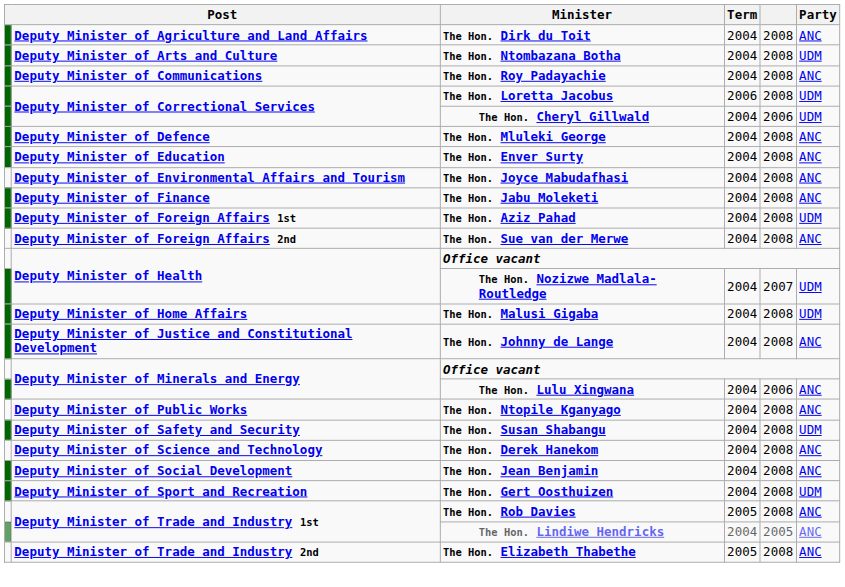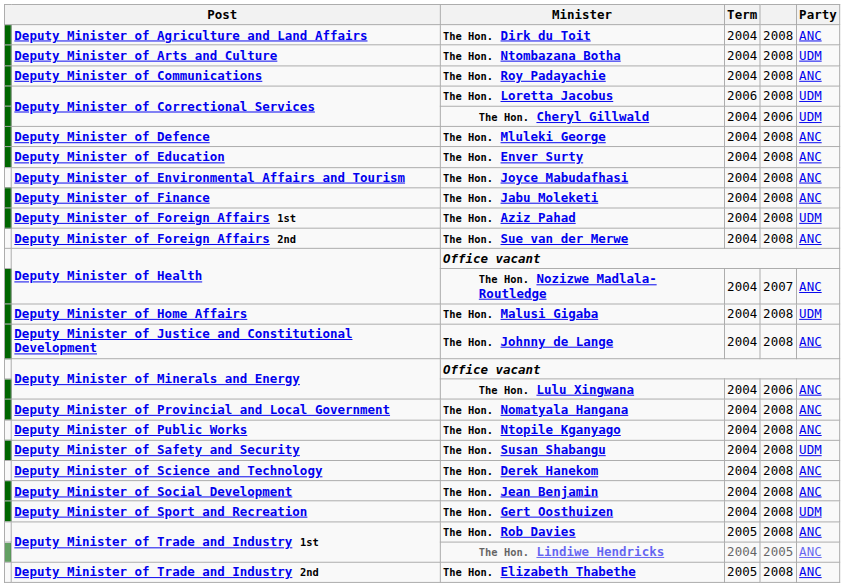 <table class="wikitable">
 <tr>
 <th colspan="2">Post</th>
 <th>Minister</th>
 <th>Term</th>
 <th></th>
 <th>Party</th>
 </tr>
 <tr>
 <td style="width:1px;; background:#006600;"></td>
 <td><a href='#'><strong>Deputy Minister of Agriculture and Land Affairs</strong></a></td>
 <td><strong><small>The Hon.</small> <a href='#'>Dirk du Toit</a></strong></td>
 <td>2004</td>
 <td>2008</td>
 <td><a href='#'>ANC</a></td>
 </tr>
 <tr>
 <td style="width:1px;; background:#006600;"></td>
 <td><strong><a href='#'>Deputy Minister of Arts and Culture</a></strong></td>
 <td><strong><small>The Hon.</small></strong> <strong><a href='#'>Ntombazana Botha</a></strong></td>
 <td>2004</td>
 <td>2008</td>
 <td><a href='#'>UDM</a></td>
 </tr>
 <tr>
 <td style="width:1px;; background:#006600;"></td>
 <td><strong><a href='#'>Deputy Minister of Communications</a></strong></td>
 <td><strong><small>The Hon.</small></strong> <strong><a href='#'>Roy Padayachie</a></strong></td>
 <td>2004</td>
 <td>2008</td>
 <td><a href='#'>ANC</a></td>
 </tr>
 <tr>
 <td style="width:1px;; background:#006600;"></td>
 <td rowspan="2"><a href='#'><strong>Deputy Minister of Correctional Services</strong></a></td>
 <td><strong><small>The Hon.</small></strong> <strong><a href='#'>Loretta Jacobus</a></strong></td>
 <td>2006</td>
 <td>2008</td>
 <td><a href='#'>UDM</a></td>
 </tr>
 <tr -style="opacity:.6;">
 <td style="width:1px;; background:#006600;"></td>
 <td style="padding-left:40px"><strong><small>The Hon.</small></strong> <strong><a href='#'>Cheryl Gillwald</a></strong></td>
 <td>2004</td>
 <td>2006</td>
 <td><a href='#'>UDM</a></td>
 </tr>
 <tr>
 <td style="width:1px;; background:#006600;"></td>
 <td><a href='#'><strong>Deputy Minister of Defence</strong></a></td>
 <td><strong><small>The Hon.</small></strong> <strong><a href='#'>Mluleki George</a></strong></td>
 <td>2004</td>
 <td>2008</td>
 <td><a href='#'>ANC</a></td>
 </tr>
 <tr>
 <td style="width:1px;; background:#006600;"></td>
 <td><a href='#'><strong>Deputy Minister of Education</strong></a></td>
 <td><strong><small>The Hon.</small></strong> <strong><a href='#'>Enver Surty</a></strong></td>
 <td>2004</td>
 <td>2008</td>
 <td><a href='#'>ANC</a></td>
 </tr>
 <tr>
 <td style="background-color: "></td>
 <td><a href='#'><strong>Deputy Minister of Environmental Affairs and Tourism</strong></a></td>
 <td><strong><small>The Hon.</small></strong> <strong><a href='#'>Joyce Mabudafhasi</a></strong></td>
 <td>2004</td>
 <td>2008</td>
 <td><a href='#'>ANC</a></td>
 </tr>
 <tr>
 <td style="width:1px;; background:#006600;"></td>
 <td><a href='#'><strong>Deputy Minister of Finance</strong></a></td>
 <td><strong><small>The Hon.</small></strong> <strong><a href='#'>Jabu Moleketi</a></strong></td>
 <td>2004</td>
 <td>2008</td>
 <td><a href='#'>ANC</a></td>
 </tr>
 <tr>
 <td style="width:1px;; background:#006600;"></td>
 <td><a href='#'><strong>Deputy Minister of Foreign Affairs</strong></a> <strong><small>1st</small></strong></td>
 <td><strong><small>The Hon.</small></strong> <strong><a href='#'>Aziz Pahad</a></strong></td>
 <td>2004</td>
 <td>2008</td>
 <td><a href='#'>UDM</a></td>
 </tr>
 <tr>
 <td style="background-color: "></td>
 <td><a href='#'><strong>Deputy Minister of Foreign Affairs</strong></a> <strong><small>2nd</small></strong></td>
 <td><strong><small>The Hon.</small></strong> <strong><a href='#'>Sue van der Merwe</a></strong></td>
 <td>2004</td>
 <td>2008</td>
 <td><a href='#'>ANC</a></td>
 </tr>
 <tr>
 <td></td>
 <td rowspan="2"><a href='#'><strong>Deputy Minister of Health</strong></a></td>
 <td colspan="4"><strong><em>Office vacant</em></strong></td>
 </tr>
 <tr -style="opacity:.6;">
 <td style="width:1px;; background:#006600;"></td>
 <td style="padding-left:40px"><strong><small>The Hon.</small></strong> <strong><a href='#'>Nozizwe Madlala-Routledge</a></strong></td>
 <td>2004</td>
 <td>2007</td>
-<td><a href='#'>UDM</a></td>
+<td><a href='#'>ANC</a></td>
 </tr>
 <tr>
 <td style="width:1px;; background:#006600;"></td>
 <td><a href='#'><strong>Deputy Minister of Home Affairs</strong></a></td>
 <td><strong><small>The Hon.</small></strong> <strong><a href='#'>Malusi Gigaba</a></strong></td>
 <td>2004</td>
 <td>2008</td>
 <td><a href='#'>UDM</a></td>
 </tr>
 <tr>
 <td style="width:1px;; background:#006600;"></td>
 <td><a href='#'><strong>Deputy Minister of Justice and Constitutional Development</strong></a></td>
 <td><strong><small>The Hon.</small></strong> <strong><a href='#'>Johnny de Lange</a></strong></td>
 <td>2004</td>
 <td>2008</td>
 <td><a href='#'>ANC</a></td>
 </tr>
 <tr>
 <td></td>
 <td rowspan="2"><a href='#'><strong>Deputy Minister of Minerals and Energy</strong></a></td>
 <td colspan="4"><strong><em>Office vacant</em></strong></td>
 </tr>
 <tr -style="opacity:.6;">
 <td style="width:1px;; background:#006600;"></td>
 <td style="padding-left:40px"><strong><small>The Hon.</small></strong> <strong><a href='#'>Lulu Xingwana</a></strong></td>
 <td>2004</td>
 <td>2006</td>
+<td><a href='#'>ANC</a></td>
+</tr>
+<tr>
+<td style="width:1px;; background:#006600;"></td>
+<td><a href='#'><strong>Deputy Minister of Provincial and Local Government</strong></a></td>
+<td><strong><small>The Hon.</small></strong> <strong><a href='#'>Nomatyala Hangana</a></strong></td>
+<td>2004</td>
+<td>2008</td>
 <td><a href='#'>ANC</a></td>
 </tr>
 <tr>
 <td style="background-color: "></td>
 <td><a href='#'><strong>Deputy Minister of Public Works</strong></a></td>
 <td><strong><small>The Hon.</small></strong> <strong><a href='#'>Ntopile Kganyago</a></strong></td>
 <td>2004</td>
 <td>2008</td>
 <td><a href='#'>ANC</a></td>
 </tr>
 <tr>
 <td style="width:1px;; background:#006600;"></td>
 <td><a href='#'><strong>Deputy Minister of Safety and Security</strong></a></td>
 <td><strong><small>The Hon.</small></strong> <strong><a href='#'>Susan Shabangu</a></strong></td>
 <td>2004</td>
 <td>2008</td>
 <td><a href='#'>UDM</a></td>
 </tr>
 <tr>
 <td style="background-color: "></td>
 <td><a href='#'><strong>Deputy Minister of Science and Technology</strong></a></td>
 <td><strong><small>The Hon.</small></strong> <strong><a href='#'>Derek Hanekom</a></strong></td>
 <td>2004</td>
 <td>2008</td>
 <td><a href='#'>ANC</a></td>
 </tr>
 <tr>
 <td style="width:1px;; background:#006600;"></td>
 <td><a href='#'><strong>Deputy Minister of Social Development</strong></a></td>
 <td><strong><small>The Hon.</small></strong> <strong><a href='#'>Jean Benjamin</a></strong></td>
 <td>2004</td>
 <td>2008</td>
 <td><a href='#'>ANC</a></td>
 </tr>
 <tr>
 <td style="width:1px;; background:#006600;"></td>
 <td><a href='#'><strong>Deputy Minister of Sport and Recreation</strong></a></td>
 <td><strong><small>The Hon.</small></strong> <strong><a href='#'>Gert Oosthuizen</a></strong></td>
 <td>2004</td>
 <td>2008</td>
 <td><a href='#'>UDM</a></td>
 </tr>
 <tr>
 <td style="background-color: "></td>
 <td rowspan="2"><a href='#'><strong>Deputy Minister of Trade and Industry</strong></a> <strong><small>1st</small></strong></td>
 <td><strong><small>The Hon.</small></strong> <strong><a href='#'>Rob Davies</a></strong></td>
 <td>2005</td>
 <td>2008</td>
 <td><a href='#'>ANC</a></td>
 </tr>
 <tr style="opacity:.6;">
 <td style="width:1px;; background:#006600;"></td>
 <td style="padding-left:40px"><strong><small>The Hon.</small></strong> <strong><a href='#'>Lindiwe Hendricks</a></strong></td>
 <td>2004</td>
 <td>2005</td>
 <td><a href='#'>ANC</a></td>
 </tr>
 <tr>
 <td style="background-color: "></td>
 <td><a href='#'><strong>Deputy Minister of Trade and Industry</strong></a> <strong><small>2nd</small></strong></td>
 <td><strong><small>The Hon.</small></strong> <strong><a href='#'>Elizabeth Thabethe</a></strong></td>
 <td>2005</td>
 <td>2008</td>
 <td><a href='#'>ANC</a></td>
 </tr>
 </table>
